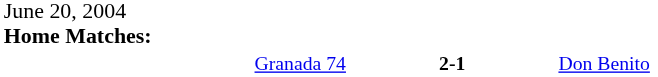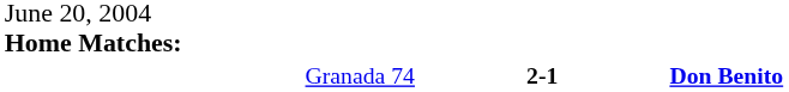 <table width=100% cellspacing=1>
 <tr>
 <th width=20%></th>
 <th width=12%></th>
 <th width=20%></th>
 <th></th>
 </tr>
 <tr>
 <td>June 20, 2004<br><strong>Home Matches:</strong></td>
 </tr>
 <tr style=font-size:90%>
 <td align=right><a href='#'>Granada 74</a></td>
 <td align=center><strong>2-1</strong></td>
-<td><a href='#'>Don Benito</a></td>
+<td><strong><a href='#'>Don Benito</a></strong></td>
 </tr>
 </table>
